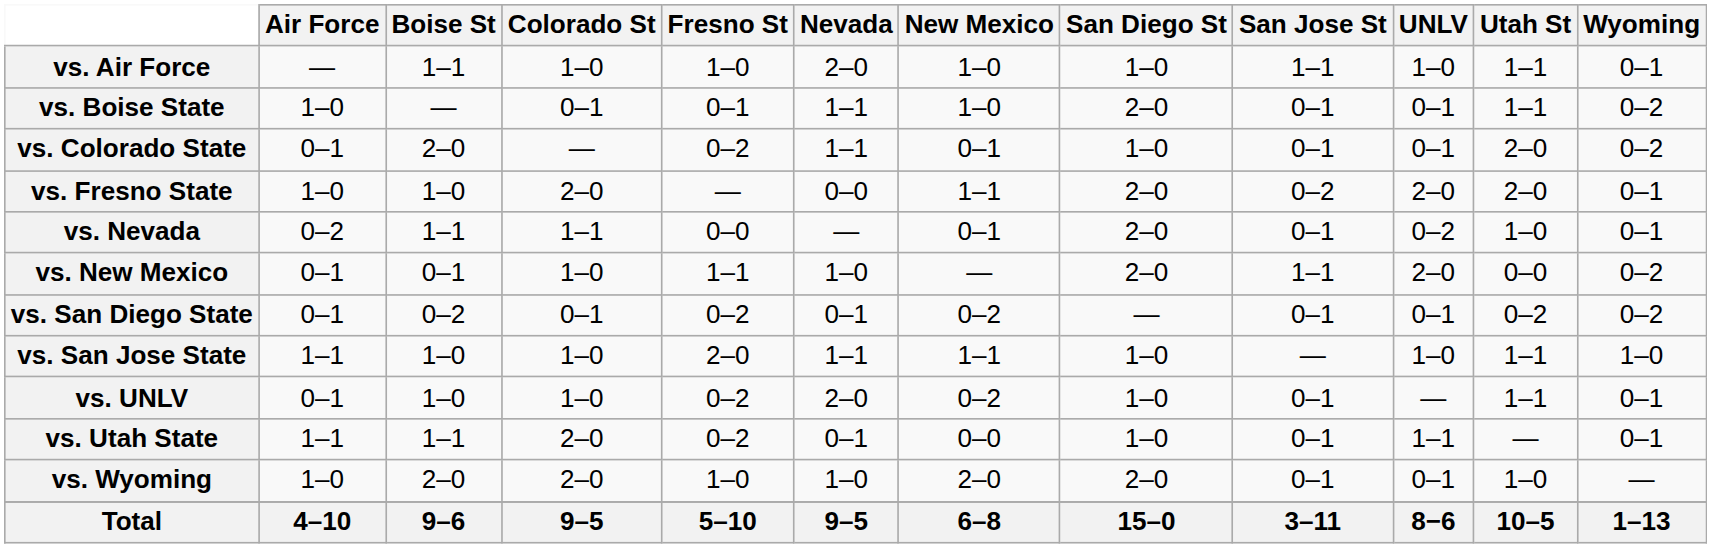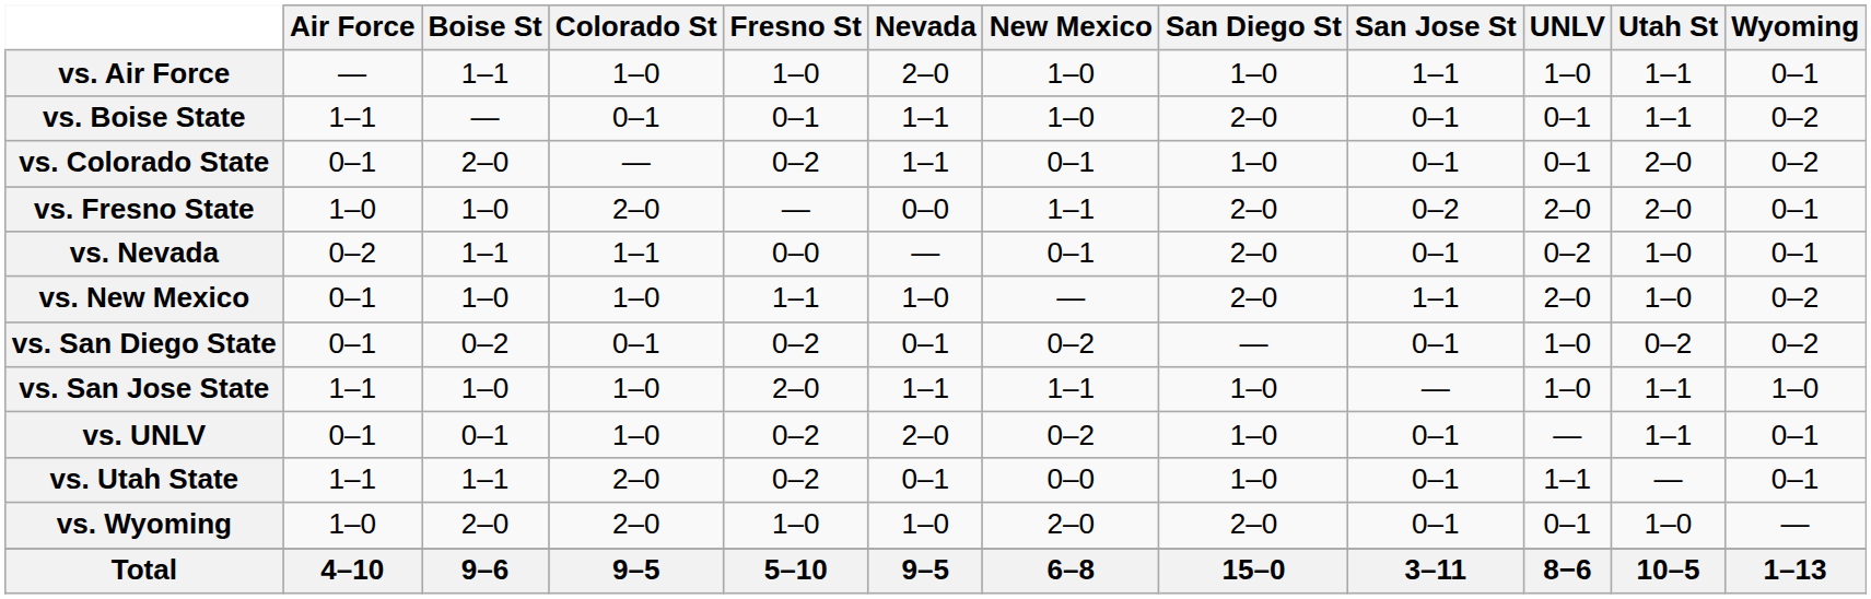 <table class="wikitable" style="white-space:nowrap;font-size:100%;">
 <tr>
 <th colspan=1 style="background:white; border-top-style:hidden; border-left-style:hidden;"   width=75> </th>
 <th>Air Force</th>
 <th>Boise St</th>
 <th>Colorado St</th>
 <th>Fresno St</th>
 <th>Nevada</th>
 <th>New Mexico</th>
 <th>San Diego St</th>
 <th>San Jose St</th>
 <th>UNLV</th>
 <th>Utah St</th>
 <th>Wyoming</th>
 </tr>
 <tr style="text-align:center;">
 <th>vs. Air Force</th>
 <td>—</td>
 <td>1–1</td>
 <td>1–0</td>
 <td>1–0</td>
 <td>2–0</td>
 <td>1–0</td>
 <td>1–0</td>
 <td>1–1</td>
 <td>1–0</td>
 <td>1–1</td>
 <td>0–1</td>
 </tr>
 <tr style="text-align:center;">
 <th>vs. Boise State</th>
-<td>1–0</td>
+<td>1–1</td>
 <td>—</td>
 <td>0–1</td>
 <td>0–1</td>
 <td>1–1</td>
 <td>1–0</td>
 <td>2–0</td>
 <td>0–1</td>
 <td>0–1</td>
 <td>1–1</td>
 <td>0–2</td>
 </tr>
 <tr style="text-align:center;">
 <th>vs. Colorado State</th>
 <td>0–1</td>
 <td>2–0</td>
 <td>—</td>
 <td>0–2</td>
 <td>1–1</td>
 <td>0–1</td>
 <td>1–0</td>
 <td>0–1</td>
 <td>0–1</td>
 <td>2–0</td>
 <td>0–2</td>
 </tr>
 <tr style="text-align:center;">
 <th>vs. Fresno State</th>
 <td>1–0</td>
 <td>1–0</td>
 <td>2–0</td>
 <td>—</td>
 <td>0–0</td>
 <td>1–1</td>
 <td>2–0</td>
 <td>0–2</td>
 <td>2–0</td>
 <td>2–0</td>
 <td>0–1</td>
 </tr>
 <tr style="text-align:center;">
 <th>vs. Nevada</th>
 <td>0–2</td>
 <td>1–1</td>
 <td>1–1</td>
 <td>0–0</td>
 <td>—</td>
 <td>0–1</td>
 <td>2–0</td>
 <td>0–1</td>
 <td>0–2</td>
 <td>1–0</td>
 <td>0–1</td>
 </tr>
 <tr style="text-align:center;">
 <th>vs. New Mexico</th>
 <td>0–1</td>
-<td>0–1</td>
+<td>1–0</td>
 <td>1–0</td>
 <td>1–1</td>
 <td>1–0</td>
 <td>—</td>
 <td>2–0</td>
 <td>1–1</td>
 <td>2–0</td>
-<td>0–0</td>
+<td>1–0</td>
 <td>0–2</td>
 </tr>
 <tr style="text-align:center;">
 <th>vs. San Diego State</th>
 <td>0–1</td>
 <td>0–2</td>
 <td>0–1</td>
 <td>0–2</td>
 <td>0–1</td>
 <td>0–2</td>
 <td>—</td>
 <td>0–1</td>
-<td>0–1</td>
+<td>1–0</td>
 <td>0–2</td>
 <td>0–2</td>
 </tr>
 <tr style="text-align:center;">
 <th>vs. San Jose State</th>
 <td>1–1</td>
 <td>1–0</td>
 <td>1–0</td>
 <td>2–0</td>
 <td>1–1</td>
 <td>1–1</td>
 <td>1–0</td>
 <td>—</td>
 <td>1–0</td>
 <td>1–1</td>
 <td>1–0</td>
 </tr>
 <tr style="text-align:center;">
 <th>vs. UNLV</th>
 <td>0–1</td>
-<td>1–0</td>
+<td>0–1</td>
 <td>1–0</td>
 <td>0–2</td>
 <td>2–0</td>
 <td>0–2</td>
 <td>1–0</td>
 <td>0–1</td>
 <td>—</td>
 <td>1–1</td>
 <td>0–1</td>
 </tr>
 <tr style="text-align:center;">
 <th>vs. Utah State</th>
 <td>1–1</td>
 <td>1–1</td>
 <td>2–0</td>
 <td>0–2</td>
 <td>0–1</td>
 <td>0–0</td>
 <td>1–0</td>
 <td>0–1</td>
 <td>1–1</td>
 <td>—</td>
 <td>0–1</td>
 </tr>
 <tr style="text-align:center;">
 <th>vs. Wyoming</th>
 <td>1–0</td>
 <td>2–0</td>
 <td>2–0</td>
 <td>1–0</td>
 <td>1–0</td>
 <td>2–0</td>
 <td>2–0</td>
 <td>0–1</td>
 <td>0–1</td>
 <td>1–0</td>
 <td>—</td>
 </tr>
 <tr style="text-align:center;">
 </tr>
 <tr style="text-align:center;">
 <th>Total</th>
 <th>4–10</th>
 <th>9–6</th>
 <th>9–5</th>
 <th>5–10</th>
 <th>9–5</th>
 <th>6–8</th>
 <th>15–0</th>
 <th>3–11</th>
 <th>8−6</th>
 <th>10–5</th>
 <th>1–13</th>
 </tr>
 </table>
